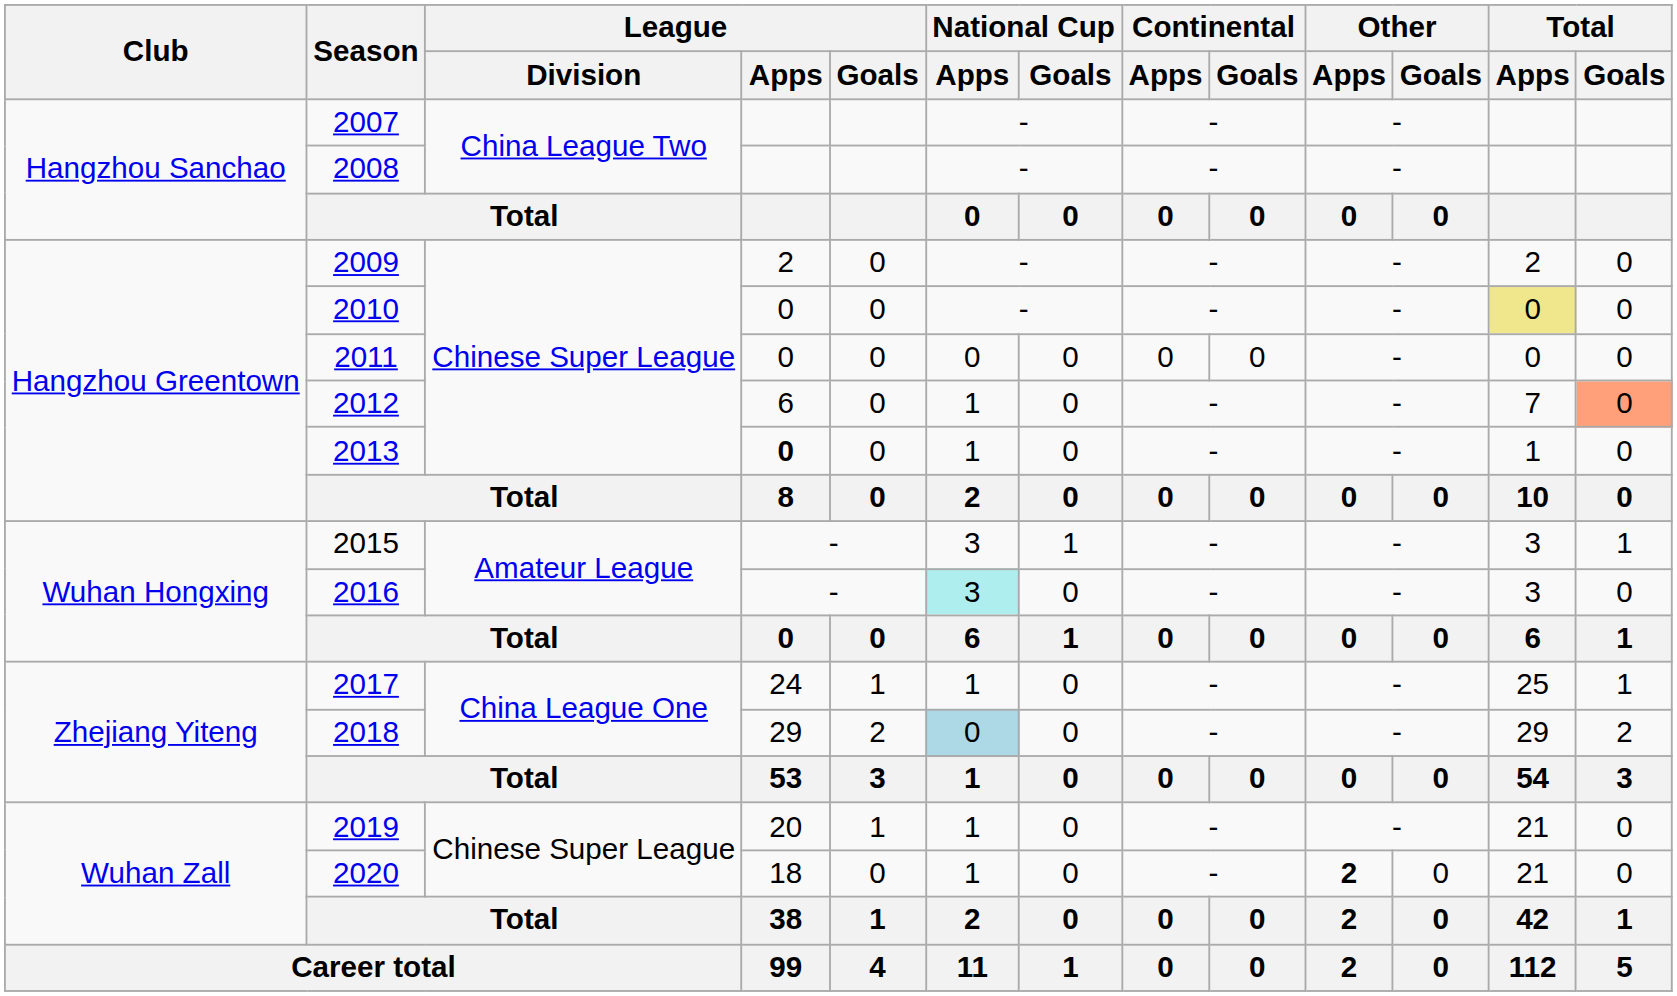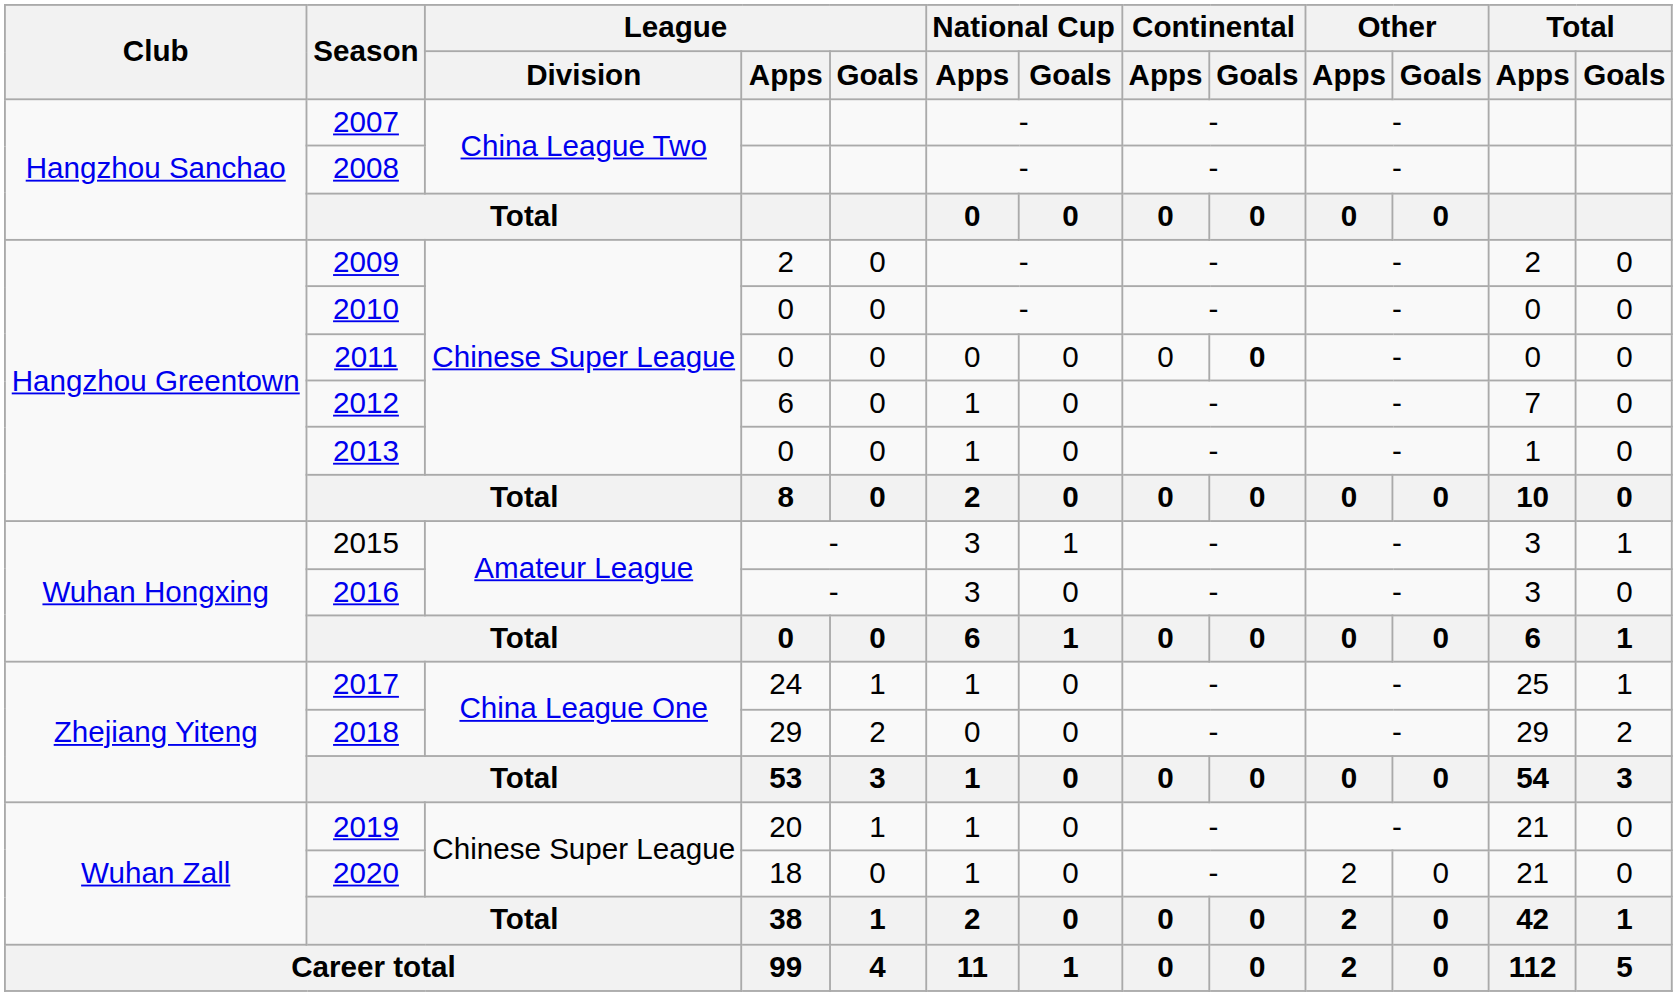 <table class="wikitable" style="text-align: center">
 <tr>
 <th rowspan="2">Club</th>
 <th rowspan="2">Season</th>
 <th colspan="3">League</th>
 <th colspan="2">National Cup</th>
 <th colspan="2">Continental</th>
 <th colspan="2">Other</th>
 <th colspan="2">Total</th>
 </tr>
 <tr>
 <th>Division</th>
 <th>Apps</th>
 <th>Goals</th>
 <th>Apps</th>
 <th>Goals</th>
 <th>Apps</th>
 <th>Goals</th>
 <th>Apps</th>
 <th>Goals</th>
 <th>Apps</th>
 <th>Goals</th>
 </tr>
 <tr>
 <td rowspan=3><a href='#'>Hangzhou Sanchao</a></td>
 <td><a href='#'>2007</a></td>
 <td rowspan="2"><a href='#'>China League Two</a></td>
 <td></td>
 <td></td>
 <td colspan="2">-</td>
 <td colspan="2">-</td>
 <td colspan="2">-</td>
 <td></td>
 <td></td>
 </tr>
 <tr>
 <td><a href='#'>2008</a></td>
 <td></td>
 <td></td>
 <td colspan="2">-</td>
 <td colspan="2">-</td>
 <td colspan="2">-</td>
 <td></td>
 <td></td>
 </tr>
 <tr>
 <th colspan="2"><strong>Total</strong></th>
 <th></th>
 <th></th>
 <th>0</th>
 <th>0</th>
 <th>0</th>
 <th>0</th>
 <th>0</th>
 <th>0</th>
 <th></th>
 <th></th>
 </tr>
 <tr>
 <td rowspan=6><a href='#'>Hangzhou Greentown</a></td>
 <td><a href='#'>2009</a></td>
 <td rowspan="5"><a href='#'>Chinese Super League</a></td>
 <td>2</td>
 <td>0</td>
 <td colspan="2">-</td>
 <td colspan="2">-</td>
 <td colspan="2">-</td>
 <td>2</td>
 <td>0</td>
 </tr>
 <tr>
 <td><a href='#'>2010</a></td>
 <td>0</td>
 <td>0</td>
 <td colspan="2">-</td>
 <td colspan="2">-</td>
 <td colspan="2">-</td>
-<td style="background: khaki;">0</td>
+<td>0</td>
 <td>0</td>
 </tr>
 <tr>
 <td><a href='#'>2011</a></td>
 <td>0</td>
 <td>0</td>
 <td>0</td>
 <td>0</td>
 <td>0</td>
-<td>0</td>
+<td><strong>0</strong></td>
 <td colspan="2">-</td>
 <td>0</td>
 <td>0</td>
 </tr>
 <tr>
 <td><a href='#'>2012</a></td>
 <td>6</td>
 <td>0</td>
 <td>1</td>
 <td>0</td>
 <td colspan="2">-</td>
 <td colspan="2">-</td>
 <td>7</td>
-<td style="background: lightsalmon;">0</td>
+<td>0</td>
 </tr>
 <tr>
 <td><a href='#'>2013</a></td>
-<td><strong>0</strong></td>
+<td>0</td>
 <td>0</td>
 <td>1</td>
 <td>0</td>
 <td colspan="2">-</td>
 <td colspan="2">-</td>
 <td>1</td>
 <td>0</td>
 </tr>
 <tr>
 <th colspan="2"><strong>Total</strong></th>
 <th>8</th>
 <th>0</th>
 <th>2</th>
 <th>0</th>
 <th>0</th>
 <th>0</th>
 <th>0</th>
 <th>0</th>
 <th>10</th>
 <th>0</th>
 </tr>
 <tr>
 <td rowspan=3><a href='#'>Wuhan Hongxing</a></td>
 <td>2015</td>
 <td rowspan="2"><a href='#'>Amateur League</a></td>
 <td colspan="2">-</td>
 <td>3</td>
 <td>1</td>
 <td colspan="2">-</td>
 <td colspan="2">-</td>
 <td>3</td>
 <td>1</td>
 </tr>
 <tr>
 <td><a href='#'>2016</a></td>
 <td colspan="2">-</td>
-<td style="background: paleturquoise;">3</td>
+<td>3</td>
 <td>0</td>
 <td colspan="2">-</td>
 <td colspan="2">-</td>
 <td>3</td>
 <td>0</td>
 </tr>
 <tr>
 <th colspan="2"><strong>Total</strong></th>
 <th>0</th>
 <th>0</th>
 <th>6</th>
 <th>1</th>
 <th>0</th>
 <th>0</th>
 <th>0</th>
 <th>0</th>
 <th>6</th>
 <th>1</th>
 </tr>
 <tr>
 <td rowspan=3><a href='#'>Zhejiang Yiteng</a></td>
 <td><a href='#'>2017</a></td>
 <td rowspan="2"><a href='#'>China League One</a></td>
 <td>24</td>
 <td>1</td>
 <td>1</td>
 <td>0</td>
 <td colspan="2">-</td>
 <td colspan="2">-</td>
 <td>25</td>
 <td>1</td>
 </tr>
 <tr>
 <td><a href='#'>2018</a></td>
 <td>29</td>
 <td>2</td>
-<td style="background: lightblue;">0</td>
+<td>0</td>
 <td>0</td>
 <td colspan="2">-</td>
 <td colspan="2">-</td>
 <td>29</td>
 <td>2</td>
 </tr>
 <tr>
 <th colspan="2"><strong>Total</strong></th>
 <th>53</th>
 <th>3</th>
 <th>1</th>
 <th>0</th>
 <th>0</th>
 <th>0</th>
 <th>0</th>
 <th>0</th>
 <th>54</th>
 <th>3</th>
 </tr>
 <tr>
 <td rowspan=3><a href='#'>Wuhan Zall</a></td>
 <td><a href='#'>2019</a></td>
 <td rowspan=2>Chinese Super League</td>
 <td>20</td>
 <td>1</td>
 <td>1</td>
 <td>0</td>
 <td colspan="2">-</td>
 <td colspan="2">-</td>
 <td>21</td>
 <td>0</td>
 </tr>
 <tr>
 <td><a href='#'>2020</a></td>
 <td>18</td>
 <td>0</td>
 <td>1</td>
 <td>0</td>
 <td colspan="2">-</td>
-<td><strong>2</strong></td>
+<td>2</td>
 <td>0</td>
 <td>21</td>
 <td>0</td>
 </tr>
 <tr>
 <th colspan="2"><strong>Total</strong></th>
 <th>38</th>
 <th>1</th>
 <th>2</th>
 <th>0</th>
 <th>0</th>
 <th>0</th>
 <th>2</th>
 <th>0</th>
 <th>42</th>
 <th>1</th>
 </tr>
 <tr>
 <th colspan=3>Career total</th>
 <th>99</th>
 <th>4</th>
 <th>11</th>
 <th>1</th>
 <th>0</th>
 <th>0</th>
 <th>2</th>
 <th>0</th>
 <th>112</th>
 <th>5</th>
 </tr>
 </table>
